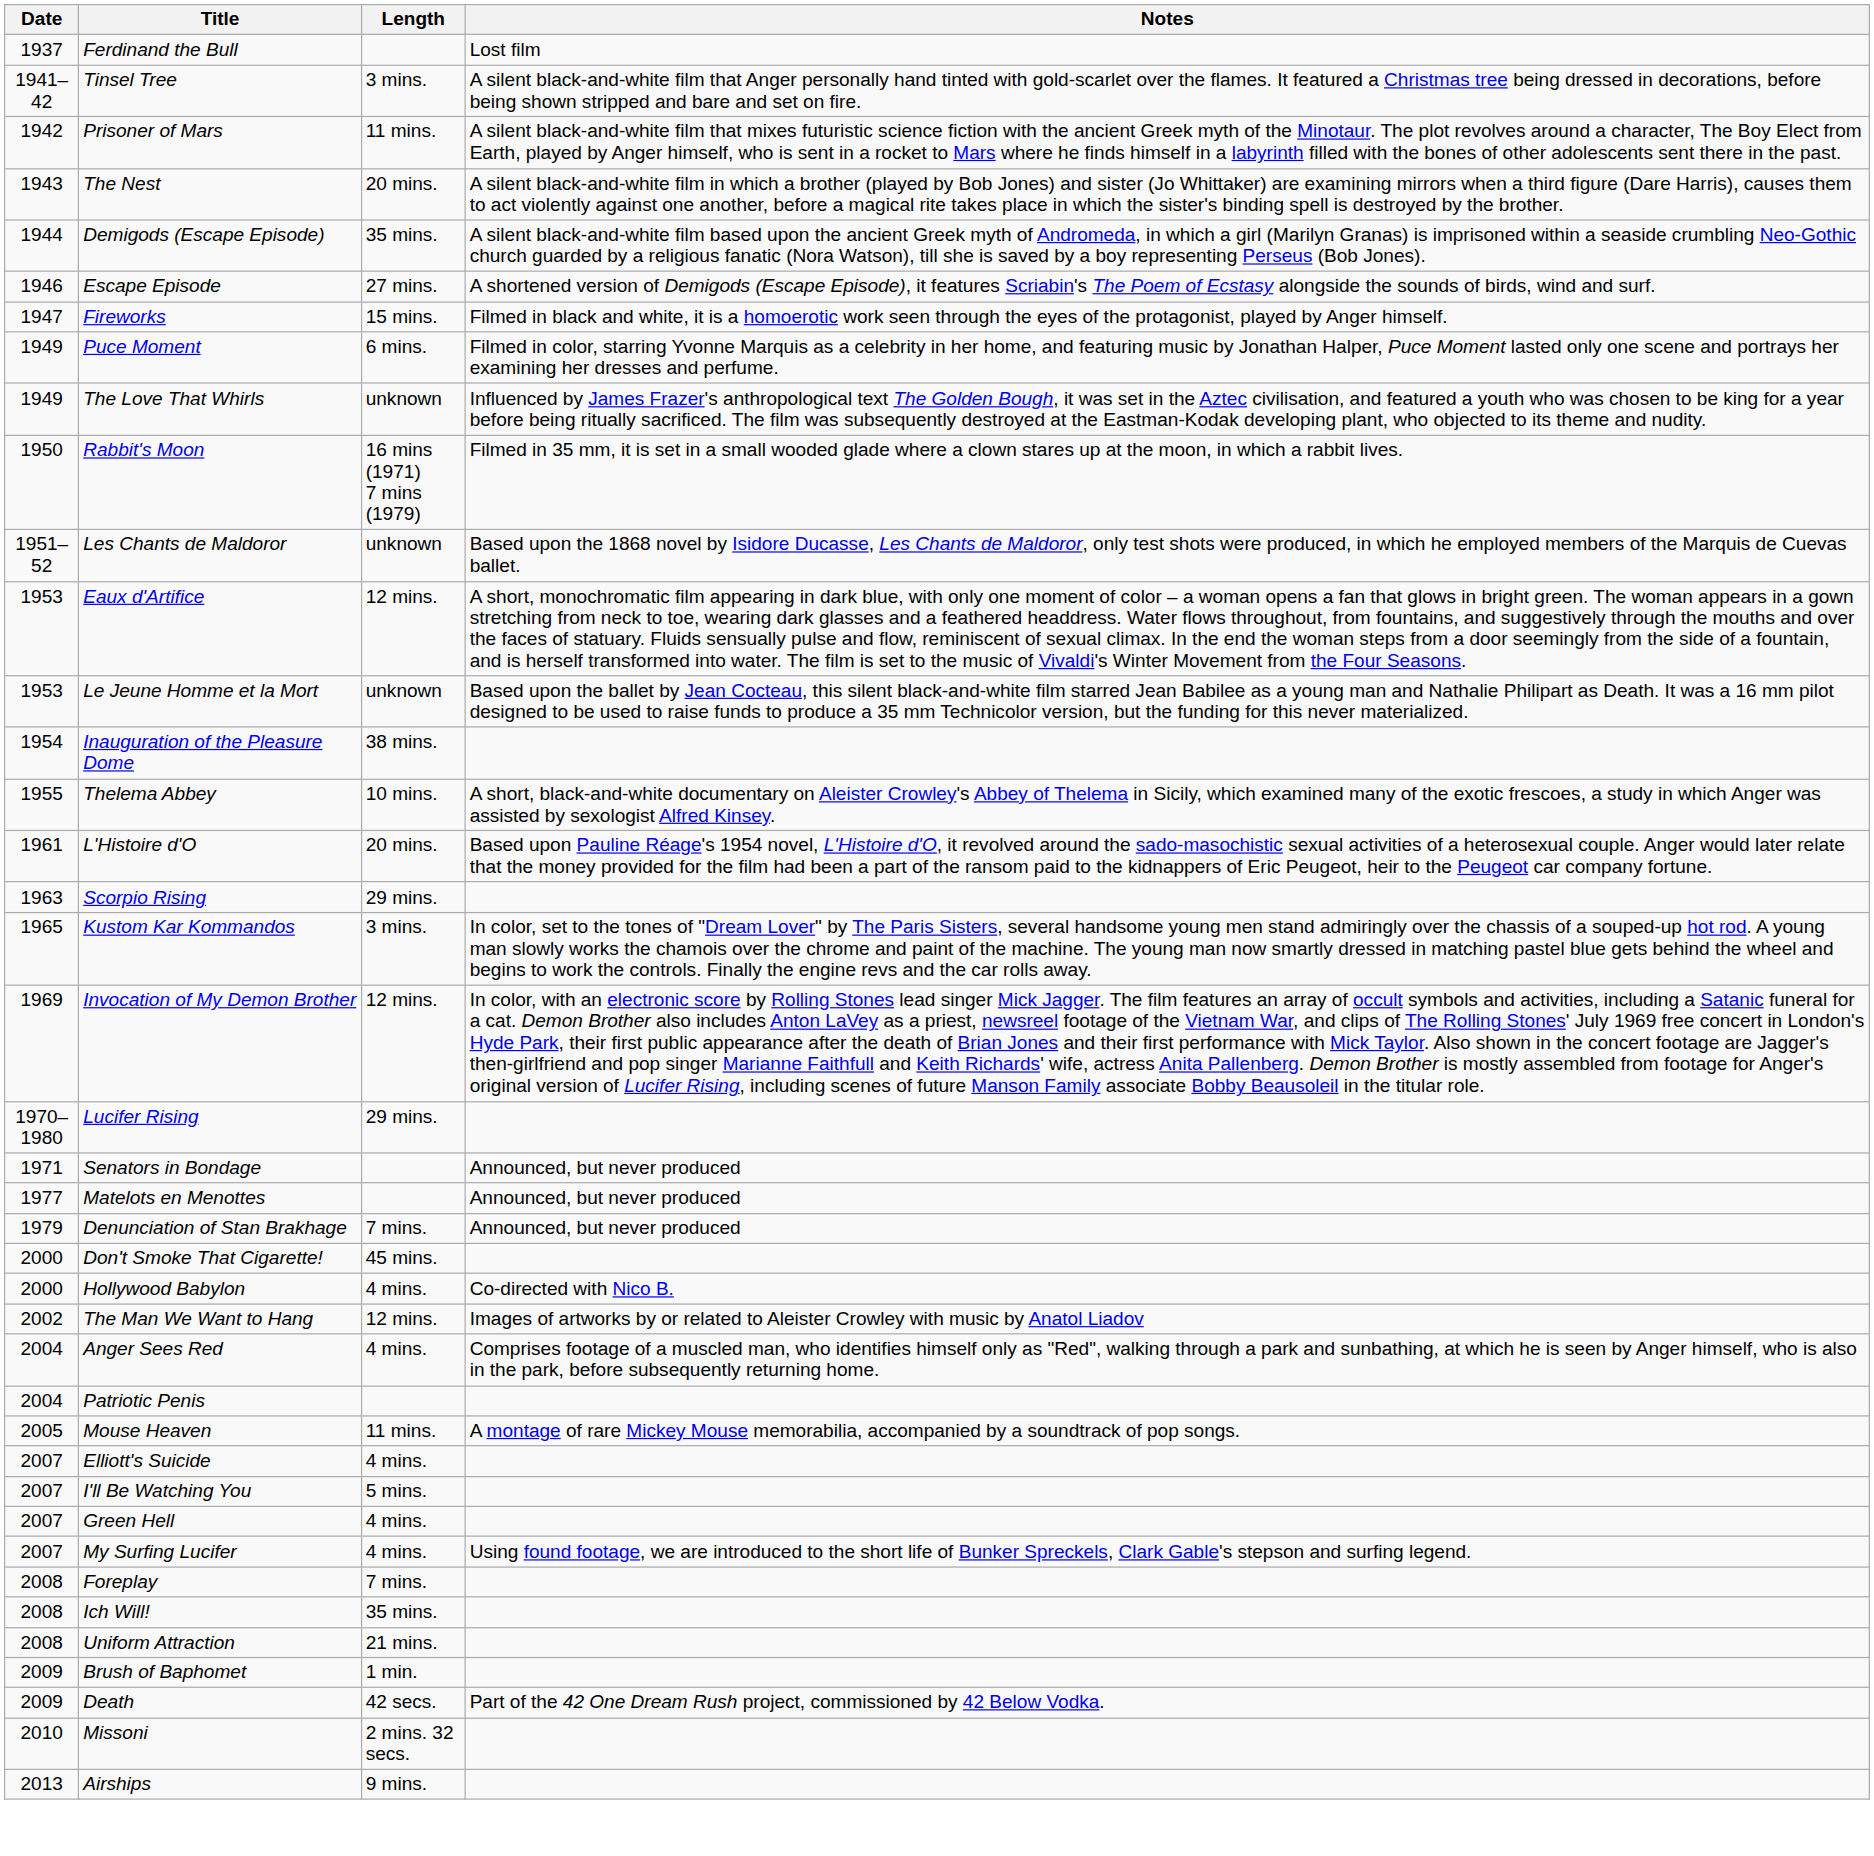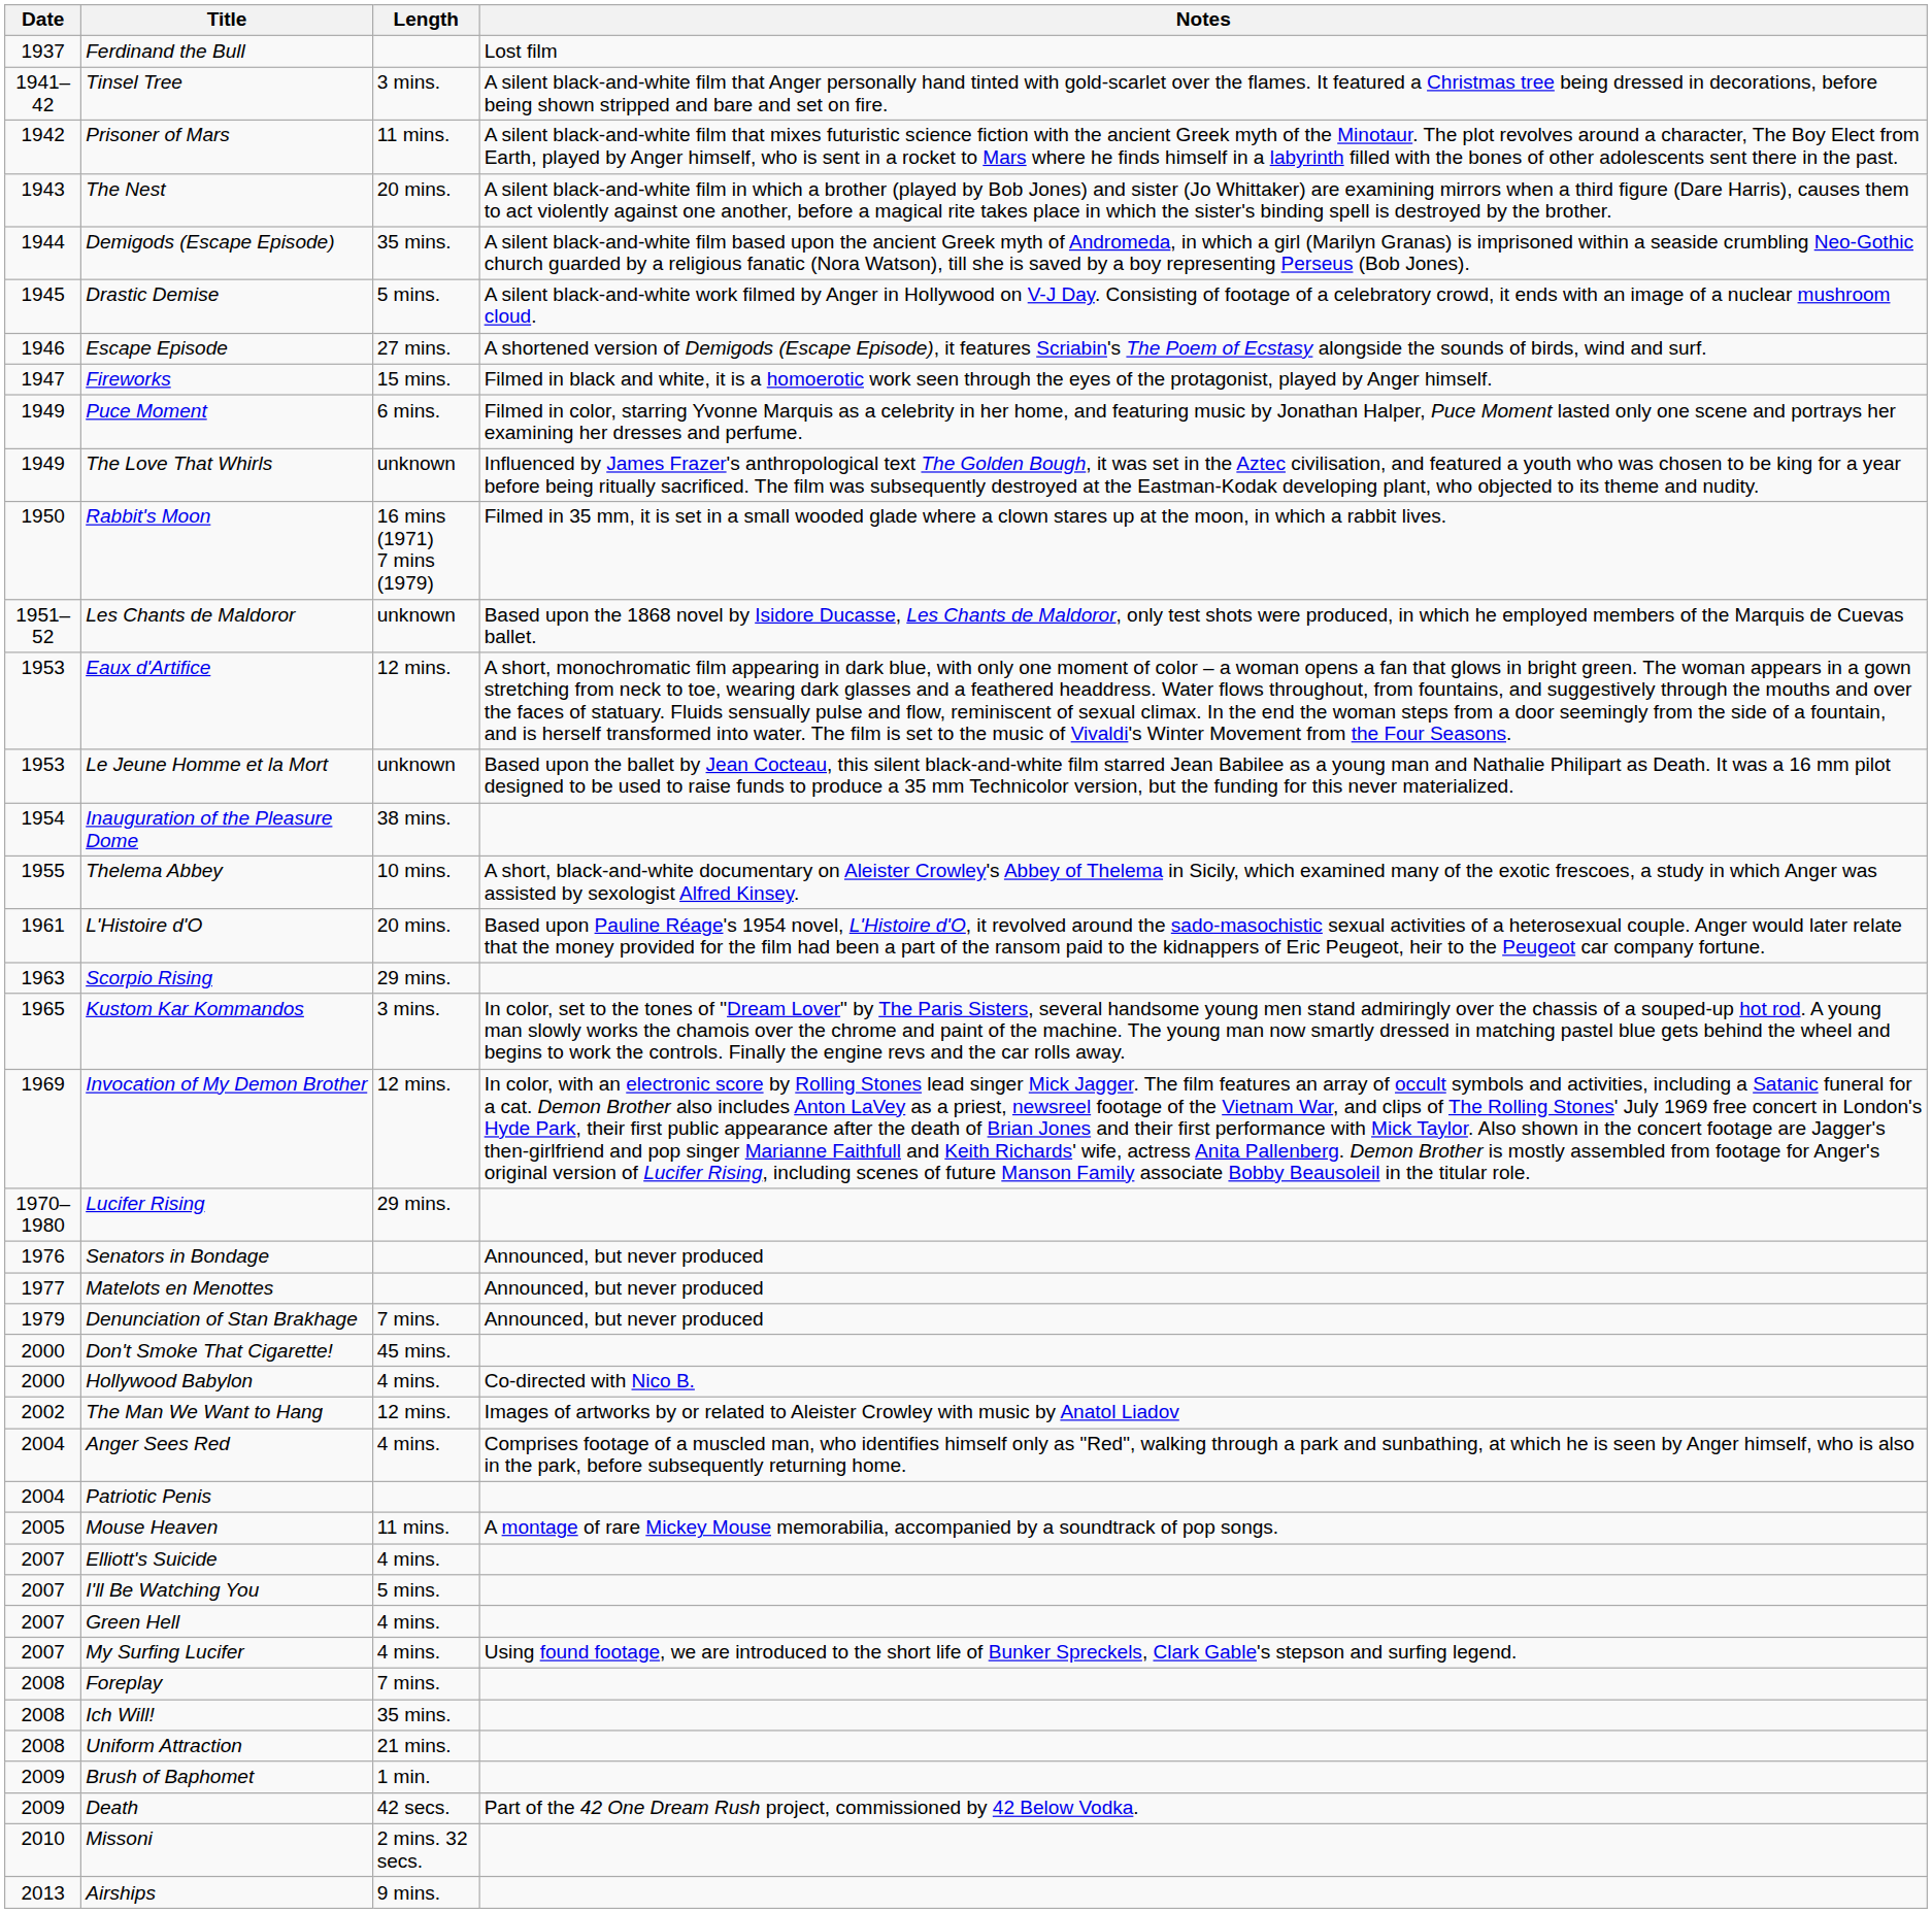 <table class="sortable wikitable" style="width=95%;">
 <tr>
 <th width="55">Date</th>
 <th style="width:230px;">Title</th>
 <th width="80">Length</th>
 <th width=>Notes</th>
 </tr>
 <tr valign="top">
 <td style="text-align:center;">1937</td>
 <td><em>Ferdinand the Bull</em></td>
 <td></td>
 <td>Lost film</td>
 </tr>
 <tr valign="top">
 <td style="text-align:center;">1941–42</td>
 <td><em>Tinsel Tree</em></td>
 <td>3 mins.</td>
 <td>A silent black-and-white film that Anger personally hand tinted with gold-scarlet over the flames. It featured a <a href='#'>Christmas tree</a> being dressed in decorations, before being shown stripped and bare and set on fire.</td>
 </tr>
 <tr valign="top">
 <td style="text-align:center;">1942</td>
 <td><em>Prisoner of Mars</em></td>
 <td>11 mins.</td>
 <td>A silent black-and-white film that mixes futuristic science fiction with the ancient Greek myth of the <a href='#'>Minotaur</a>. The plot revolves around a character, The Boy Elect from Earth, played by Anger himself, who is sent in a rocket to <a href='#'>Mars</a> where he finds himself in a <a href='#'>labyrinth</a> filled with the bones of other adolescents sent there in the past.</td>
 </tr>
 <tr valign="top">
 <td style="text-align:center;">1943</td>
 <td><em>The Nest</em></td>
 <td>20 mins.</td>
 <td>A silent black-and-white film in which a brother (played by Bob Jones) and sister (Jo Whittaker) are examining mirrors when a third figure (Dare Harris), causes them to act violently against one another, before a magical rite takes place in which the sister's binding spell is destroyed by the brother.</td>
 </tr>
 <tr valign="top">
 <td style="text-align:center;">1944</td>
 <td><em>Demigods (Escape Episode)</em></td>
 <td>35 mins.</td>
 <td>A silent black-and-white film based upon the ancient Greek myth of <a href='#'>Andromeda</a>, in which a girl (Marilyn Granas) is imprisoned within a seaside crumbling <a href='#'>Neo-Gothic</a> church guarded by a religious fanatic (Nora Watson), till she is saved by a boy representing <a href='#'>Perseus</a> (Bob Jones).</td>
+</tr>
+<tr valign="top">
+<td style="text-align:center;">1945</td>
+<td><em>Drastic Demise</em></td>
+<td>5 mins.</td>
+<td>A silent black-and-white work filmed by Anger in Hollywood on <a href='#'>V-J Day</a>. Consisting of footage of a celebratory crowd, it ends with an image of a nuclear <a href='#'>mushroom cloud</a>.</td>
 </tr>
 <tr valign="top">
 <td style="text-align:center;">1946</td>
 <td><em>Escape Episode</em></td>
 <td>27 mins.</td>
 <td>A shortened version of <em>Demigods (Escape Episode)</em>, it features <a href='#'>Scriabin</a>'s <em><a href='#'>The Poem of Ecstasy</a></em> alongside the sounds of birds, wind and surf.</td>
 </tr>
 <tr valign="top">
 <td style="text-align:center;">1947</td>
 <td><em><a href='#'>Fireworks</a></em></td>
 <td>15 mins.</td>
 <td>Filmed in black and white, it is a <a href='#'>homoerotic</a> work seen through the eyes of the protagonist, played by Anger himself.</td>
 </tr>
 <tr valign="top">
 <td style="text-align:center;">1949</td>
 <td><em><a href='#'>Puce Moment</a></em></td>
 <td>6 mins.</td>
 <td>Filmed in color, starring Yvonne Marquis as a celebrity in her home, and featuring music by Jonathan Halper, <em>Puce Moment</em> lasted only one scene and portrays her examining her dresses and perfume.</td>
 </tr>
 <tr valign="top">
 <td style="text-align:center;">1949</td>
 <td><em>The Love That Whirls</em></td>
 <td>unknown</td>
 <td>Influenced by <a href='#'>James Frazer</a>'s anthropological text <em><a href='#'>The Golden Bough</a></em>, it was set in the <a href='#'>Aztec</a> civilisation, and featured a youth who was chosen to be king for a year before being ritually sacrificed. The film was subsequently destroyed at the Eastman-Kodak developing plant, who objected to its theme and nudity.</td>
 </tr>
 <tr valign="top">
 <td style="text-align:center;">1950</td>
 <td><em><a href='#'>Rabbit's Moon</a></em></td>
 <td>16 mins (1971) <br> 7 mins (1979)</td>
 <td>Filmed in 35 mm, it is set in a small wooded glade where a clown stares up at the moon, in which a rabbit lives.</td>
 </tr>
 <tr valign="top">
 <td style="text-align:center;">1951–52</td>
 <td><em>Les Chants de Maldoror</em></td>
 <td>unknown</td>
 <td>Based upon the 1868 novel by <a href='#'>Isidore Ducasse</a>, <em><a href='#'>Les Chants de Maldoror</a></em>, only test shots were produced, in which he employed members of the Marquis de Cuevas ballet.</td>
 </tr>
 <tr valign="top">
 <td style="text-align:center;">1953</td>
 <td><em><a href='#'>Eaux d'Artifice</a></em></td>
 <td>12 mins.</td>
 <td>A short, monochromatic film appearing in dark blue, with only one moment of color – a woman opens a fan that glows in bright green. The woman appears in a gown stretching from neck to toe, wearing dark glasses and a feathered headdress. Water flows throughout, from fountains, and suggestively through the mouths and over the faces of statuary. Fluids sensually pulse and flow, reminiscent of sexual climax. In the end the woman steps from a door seemingly from the side of a fountain, and is herself transformed into water. The film is set to the music of <a href='#'>Vivaldi</a>'s Winter Movement from <a href='#'>the Four Seasons</a>.</td>
 </tr>
 <tr valign="top">
 <td style="text-align:center;">1953</td>
 <td><em>Le Jeune Homme et la Mort</em></td>
 <td>unknown</td>
 <td>Based upon the ballet by <a href='#'>Jean Cocteau</a>, this silent black-and-white film starred Jean Babilee as a young man and Nathalie Philipart as Death. It was a 16 mm pilot designed to be used to raise funds to produce a 35 mm Technicolor version, but the funding for this never materialized.</td>
 </tr>
 <tr valign="top">
 <td style="text-align:center;">1954</td>
 <td><em><a href='#'>Inauguration of the Pleasure Dome</a></em></td>
 <td>38 mins.</td>
 <td></td>
 </tr>
 <tr valign="top">
 <td style="text-align:center;">1955</td>
 <td><em>Thelema Abbey</em></td>
 <td>10 mins.</td>
 <td>A short, black-and-white documentary on <a href='#'>Aleister Crowley</a>'s <a href='#'>Abbey of Thelema</a> in Sicily, which examined many of the exotic frescoes, a study in which Anger was assisted by sexologist <a href='#'>Alfred Kinsey</a>.</td>
 </tr>
 <tr valign="top">
 <td style="text-align:center;">1961</td>
 <td><em>L'Histoire d'O</em></td>
 <td>20 mins.</td>
 <td>Based upon <a href='#'>Pauline Réage</a>'s 1954 novel, <em><a href='#'>L'Histoire d'O</a></em>, it revolved around the <a href='#'>sado-masochistic</a> sexual activities of a heterosexual couple. Anger would later relate that the money provided for the film had been a part of the ransom paid to the kidnappers of Eric Peugeot, heir to the <a href='#'>Peugeot</a> car company fortune.</td>
 </tr>
 <tr valign="top">
 <td style="text-align:center;">1963</td>
 <td><em><a href='#'>Scorpio Rising</a></em></td>
 <td>29 mins.</td>
 <td></td>
 </tr>
 <tr valign="top">
 <td style="text-align:center;">1965</td>
 <td><em><a href='#'>Kustom Kar Kommandos</a></em></td>
 <td>3 mins.</td>
 <td>In color, set to the tones of "<a href='#'>Dream Lover</a>" by <a href='#'>The Paris Sisters</a>, several handsome young men stand admiringly over the chassis of a souped-up <a href='#'>hot rod</a>. A young man slowly works the chamois over the chrome and paint of the machine. The young man now smartly dressed in matching pastel blue gets behind the wheel and begins to work the controls. Finally the engine revs and the car rolls away.</td>
 </tr>
 <tr valign="top">
 <td style="text-align:center;">1969</td>
 <td><em><a href='#'>Invocation of My Demon Brother</a></em></td>
 <td>12 mins.</td>
 <td>In color, with an <a href='#'>electronic score</a> by <a href='#'>Rolling Stones</a> lead singer <a href='#'>Mick Jagger</a>. The film features an array of <a href='#'>occult</a> symbols and activities, including a <a href='#'>Satanic</a> funeral for a cat. <em>Demon Brother</em> also includes <a href='#'>Anton LaVey</a> as a priest, <a href='#'>newsreel</a> footage of the <a href='#'>Vietnam War</a>, and clips of <a href='#'>The Rolling Stones</a>' July 1969 free concert in London's <a href='#'>Hyde Park</a>, their first public appearance after the death of <a href='#'>Brian Jones</a> and their first performance with <a href='#'>Mick Taylor</a>. Also shown in the concert footage are Jagger's then-girlfriend and pop singer <a href='#'>Marianne Faithfull</a> and <a href='#'>Keith Richards</a>' wife, actress <a href='#'>Anita Pallenberg</a>. <em>Demon Brother</em> is mostly assembled from footage for Anger's original version of <a href='#'><em>Lucifer Rising</em></a>, including scenes of future <a href='#'>Manson Family</a> associate <a href='#'>Bobby Beausoleil</a> in the titular role.</td>
 </tr>
 <tr valign="top">
 <td style="text-align:center;">1970–1980</td>
 <td><em><a href='#'>Lucifer Rising</a></em></td>
 <td>29 mins.</td>
 <td></td>
 </tr>
 <tr valign="top">
-<td style="text-align:center;">1971</td>
+<td style="text-align:center;">1976</td>
 <td><em>Senators in Bondage</em></td>
 <td></td>
 <td>Announced, but never produced</td>
 </tr>
 <tr valign="top">
 <td style="text-align:center;">1977</td>
 <td><em>Matelots en Menottes</em></td>
 <td></td>
 <td>Announced, but never produced</td>
 </tr>
 <tr valign="top">
 <td style="text-align:center;">1979</td>
 <td><em>Denunciation of Stan Brakhage</em></td>
 <td>7 mins.</td>
 <td>Announced, but never produced</td>
 </tr>
 <tr valign="top">
 <td style="text-align:center;">2000</td>
 <td><em>Don't Smoke That Cigarette!</em></td>
 <td>45 mins.</td>
 <td></td>
 </tr>
 <tr valign="top">
 <td style="text-align:center;">2000</td>
 <td><em>Hollywood Babylon</em></td>
 <td>4 mins.</td>
 <td>Co-directed with <a href='#'>Nico B.</a></td>
 </tr>
 <tr valign="top">
 <td style="text-align:center;">2002</td>
 <td><em>The Man We Want to Hang</em></td>
 <td>12 mins.</td>
 <td>Images of artworks by or related to Aleister Crowley with music by <a href='#'>Anatol Liadov</a></td>
 </tr>
 <tr valign="top">
 <td style="text-align:center;">2004</td>
 <td><em>Anger Sees Red</em></td>
 <td>4 mins.</td>
 <td>Comprises footage of a muscled man, who identifies himself only as "Red", walking through a park and sunbathing, at which he is seen by Anger himself, who is also in the park, before subsequently returning home.</td>
 </tr>
 <tr valign="top">
 <td style="text-align:center;">2004</td>
 <td><em>Patriotic Penis</em></td>
 <td></td>
 <td></td>
 </tr>
 <tr valign="top">
 <td style="text-align:center;">2005</td>
 <td><em>Mouse Heaven</em></td>
 <td>11 mins.</td>
 <td>A <a href='#'>montage</a> of rare <a href='#'>Mickey Mouse</a> memorabilia, accompanied by a soundtrack of pop songs.</td>
 </tr>
 <tr valign="top">
 <td style="text-align:center;">2007</td>
 <td><em>Elliott's Suicide</em></td>
 <td>4 mins.</td>
 <td></td>
 </tr>
 <tr valign="top">
 <td style="text-align:center;">2007</td>
 <td><em>I'll Be Watching You</em></td>
 <td>5 mins.</td>
 <td></td>
 </tr>
 <tr valign="top">
 <td style="text-align:center;">2007</td>
 <td><em>Green Hell</em></td>
 <td>4 mins.</td>
 <td></td>
 </tr>
 <tr valign="top">
 <td style="text-align:center;">2007</td>
 <td><em>My Surfing Lucifer</em></td>
 <td>4 mins.</td>
 <td>Using <a href='#'>found footage</a>, we are introduced to the short life of <a href='#'>Bunker Spreckels</a>, <a href='#'>Clark Gable</a>'s stepson and surfing legend.</td>
 </tr>
 <tr valign="top">
 <td style="text-align:center;">2008</td>
 <td><em>Foreplay</em></td>
 <td>7 mins.</td>
 <td></td>
 </tr>
 <tr valign="top">
 <td style="text-align:center;">2008</td>
 <td><em>Ich Will!</em></td>
 <td>35 mins.</td>
 <td></td>
 </tr>
 <tr valign="top">
 <td style="text-align:center;">2008</td>
 <td><em>Uniform Attraction</em></td>
 <td>21 mins.</td>
 <td></td>
 </tr>
 <tr valign="top">
 <td style="text-align:center;">2009</td>
 <td><em>Brush of Baphomet</em></td>
 <td>1 min.</td>
 <td></td>
 </tr>
 <tr valign="top">
 <td style="text-align:center;">2009</td>
 <td><em>Death</em></td>
 <td>42 secs.</td>
 <td>Part of the <em>42 One Dream Rush</em> project, commissioned by <a href='#'> 42 Below Vodka</a>.</td>
 </tr>
 <tr valign="top">
 <td style="text-align:center;">2010</td>
 <td><em>Missoni</em></td>
 <td>2 mins. 32 secs.</td>
 <td></td>
 </tr>
 <tr valign="top">
 <td style="text-align:center;">2013</td>
 <td><em>Airships</em></td>
 <td>9 mins.</td>
 <td></td>
 </tr>
 </table>
